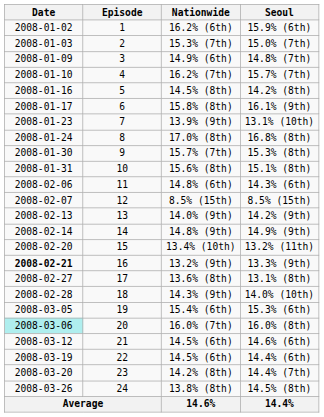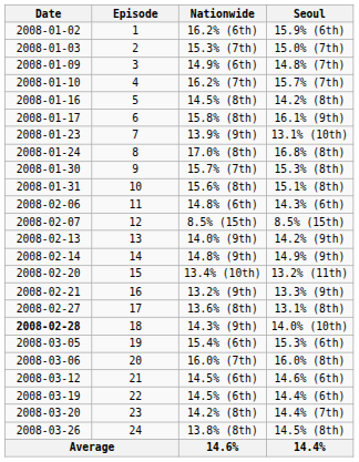 <table class="wikitable">
 <tr>
 <th width=100>Date</th>
 <th width=100>Episode</th>
 <th width=100>Nationwide</th>
 <th width=100>Seoul</th>
 </tr>
 <tr align=center>
 <td>2008-01-02</td>
 <td>1</td>
 <td>16.2% (6th)</td>
 <td>15.9% (6th)</td>
 </tr>
 <tr align=center>
 <td>2008-01-03</td>
 <td>2</td>
 <td>15.3% (7th)</td>
 <td>15.0% (7th)</td>
 </tr>
 <tr align=center>
 <td>2008-01-09</td>
 <td>3</td>
 <td>14.9% (6th)</td>
 <td>14.8% (7th)</td>
 </tr>
 <tr align=center>
 <td>2008-01-10</td>
 <td>4</td>
 <td>16.2% (7th)</td>
 <td>15.7% (7th)</td>
 </tr>
 <tr align=center>
 <td>2008-01-16</td>
 <td>5</td>
 <td>14.5% (8th)</td>
 <td>14.2% (8th)</td>
 </tr>
 <tr align=center>
 <td>2008-01-17</td>
 <td>6</td>
 <td>15.8% (8th)</td>
 <td>16.1% (9th)</td>
 </tr>
 <tr align=center>
 <td>2008-01-23</td>
 <td>7</td>
 <td>13.9% (9th)</td>
 <td>13.1% (10th)</td>
 </tr>
 <tr align=center>
 <td>2008-01-24</td>
 <td>8</td>
 <td>17.0% (8th)</td>
 <td>16.8% (8th)</td>
 </tr>
 <tr align=center>
 <td>2008-01-30</td>
 <td>9</td>
 <td>15.7% (7th)</td>
 <td>15.3% (8th)</td>
 </tr>
 <tr align=center>
 <td>2008-01-31</td>
 <td>10</td>
 <td>15.6% (8th)</td>
 <td>15.1% (8th)</td>
 </tr>
 <tr align=center>
 <td>2008-02-06</td>
 <td>11</td>
 <td>14.8% (6th)</td>
 <td>14.3% (6th)</td>
 </tr>
 <tr align=center>
 <td>2008-02-07</td>
 <td>12</td>
 <td>8.5% (15th)</td>
 <td>8.5% (15th)</td>
 </tr>
 <tr align=center>
 <td>2008-02-13</td>
 <td>13</td>
 <td>14.0% (9th)</td>
 <td>14.2% (9th)</td>
 </tr>
 <tr align=center>
 <td>2008-02-14</td>
 <td>14</td>
 <td>14.8% (9th)</td>
 <td>14.9% (9th)</td>
 </tr>
 <tr align=center>
 <td>2008-02-20</td>
 <td>15</td>
 <td>13.4% (10th)</td>
 <td>13.2% (11th)</td>
 </tr>
 <tr align=center>
-<td><strong>2008-02-21</strong></td>
+<td>2008-02-21</td>
 <td>16</td>
 <td>13.2% (9th)</td>
 <td>13.3% (9th)</td>
 </tr>
 <tr align=center>
 <td>2008-02-27</td>
 <td>17</td>
 <td>13.6% (8th)</td>
 <td>13.1% (8th)</td>
 </tr>
 <tr align=center>
-<td>2008-02-28</td>
+<td><strong>2008-02-28</strong></td>
 <td>18</td>
 <td>14.3% (9th)</td>
 <td>14.0% (10th)</td>
 </tr>
 <tr align=center>
 <td>2008-03-05</td>
 <td>19</td>
 <td>15.4% (6th)</td>
 <td>15.3% (6th)</td>
 </tr>
 <tr align=center>
-<td style="background: paleturquoise;">2008-03-06</td>
+<td>2008-03-06</td>
 <td>20</td>
 <td>16.0% (7th)</td>
 <td>16.0% (8th)</td>
 </tr>
 <tr align=center>
 <td>2008-03-12</td>
 <td>21</td>
 <td>14.5% (6th)</td>
 <td>14.6% (6th)</td>
 </tr>
 <tr align=center>
 <td>2008-03-19</td>
 <td>22</td>
 <td>14.5% (6th)</td>
 <td>14.4% (6th)</td>
 </tr>
 <tr align=center>
 <td>2008-03-20</td>
 <td>23</td>
 <td>14.2% (8th)</td>
 <td>14.4% (7th)</td>
 </tr>
 <tr align=center>
 <td>2008-03-26</td>
 <td>24</td>
 <td>13.8% (8th)</td>
 <td>14.5% (8th)</td>
 </tr>
 <tr align="center">
 <th colspan=2>Average</th>
 <th>14.6%</th>
 <th>14.4%</th>
 </tr>
 </table>
